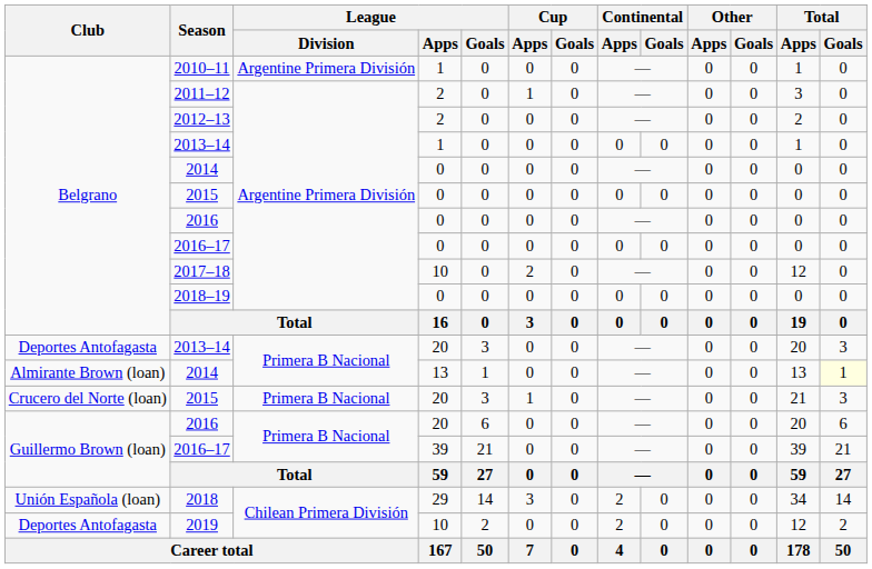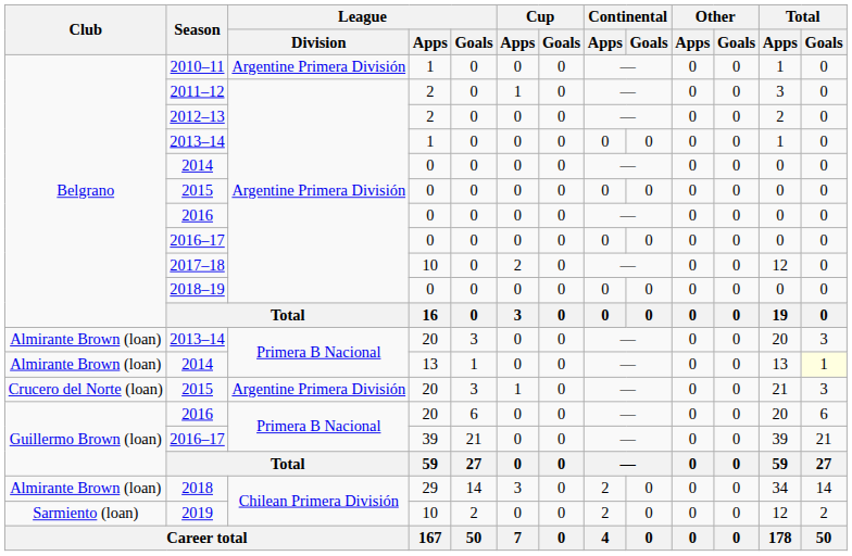 <table class="wikitable" style="text-align:center">
 <tr>
 <th rowspan="2">Club</th>
 <th rowspan="2">Season</th>
 <th colspan="3">League</th>
 <th colspan="2">Cup</th>
 <th colspan="2">Continental</th>
 <th colspan="2">Other</th>
 <th colspan="2">Total</th>
 </tr>
 <tr>
 <th>Division</th>
 <th>Apps</th>
 <th>Goals</th>
 <th>Apps</th>
 <th>Goals</th>
 <th>Apps</th>
 <th>Goals</th>
 <th>Apps</th>
 <th>Goals</th>
 <th>Apps</th>
 <th>Goals</th>
 </tr>
 <tr>
 <td rowspan="11"><a href='#'>Belgrano</a></td>
 <td><a href='#'>2010–11</a></td>
 <td rowspan="1"><a href='#'>Argentine Primera División</a></td>
 <td>1</td>
 <td>0</td>
 <td>0</td>
 <td>0</td>
 <td colspan="2">—</td>
 <td>0</td>
 <td>0</td>
 <td>1</td>
 <td>0</td>
 </tr>
 <tr>
 <td><a href='#'>2011–12</a></td>
 <td rowspan="9"><a href='#'>Argentine Primera División</a></td>
 <td>2</td>
 <td>0</td>
 <td>1</td>
 <td>0</td>
 <td colspan="2">—</td>
 <td>0</td>
 <td>0</td>
 <td>3</td>
 <td>0</td>
 </tr>
 <tr>
 <td><a href='#'>2012–13</a></td>
 <td>2</td>
 <td>0</td>
 <td>0</td>
 <td>0</td>
 <td colspan="2">—</td>
 <td>0</td>
 <td>0</td>
 <td>2</td>
 <td>0</td>
 </tr>
 <tr>
 <td><a href='#'>2013–14</a></td>
 <td>1</td>
 <td>0</td>
 <td>0</td>
 <td>0</td>
 <td>0</td>
 <td>0</td>
 <td>0</td>
 <td>0</td>
 <td>1</td>
 <td>0</td>
 </tr>
 <tr>
 <td><a href='#'>2014</a></td>
 <td>0</td>
 <td>0</td>
 <td>0</td>
 <td>0</td>
 <td colspan="2">—</td>
 <td>0</td>
 <td>0</td>
 <td>0</td>
 <td>0</td>
 </tr>
 <tr>
 <td><a href='#'>2015</a></td>
 <td>0</td>
 <td>0</td>
 <td>0</td>
 <td>0</td>
 <td>0</td>
 <td>0</td>
 <td>0</td>
 <td>0</td>
 <td>0</td>
 <td>0</td>
 </tr>
 <tr>
 <td><a href='#'>2016</a></td>
 <td>0</td>
 <td>0</td>
 <td>0</td>
 <td>0</td>
 <td colspan="2">—</td>
 <td>0</td>
 <td>0</td>
 <td>0</td>
 <td>0</td>
 </tr>
 <tr>
 <td><a href='#'>2016–17</a></td>
 <td>0</td>
 <td>0</td>
 <td>0</td>
 <td>0</td>
 <td>0</td>
 <td>0</td>
 <td>0</td>
 <td>0</td>
 <td>0</td>
 <td>0</td>
 </tr>
 <tr>
 <td><a href='#'>2017–18</a></td>
 <td>10</td>
 <td>0</td>
 <td>2</td>
 <td>0</td>
 <td colspan="2">—</td>
 <td>0</td>
 <td>0</td>
 <td>12</td>
 <td>0</td>
 </tr>
 <tr>
 <td><a href='#'>2018–19</a></td>
 <td>0</td>
 <td>0</td>
 <td>0</td>
 <td>0</td>
 <td>0</td>
 <td>0</td>
 <td>0</td>
 <td>0</td>
 <td>0</td>
 <td>0</td>
 </tr>
 <tr>
 <th colspan="2">Total</th>
 <th>16</th>
 <th>0</th>
 <th>3</th>
 <th>0</th>
 <th>0</th>
 <th>0</th>
 <th>0</th>
 <th>0</th>
 <th>19</th>
 <th>0</th>
 </tr>
 <tr>
-<td rowspan="1"><a href='#'>Deportes Antofagasta</a></td>
+<td rowspan="1"><a href='#'>Almirante Brown</a> (loan)</td>
 <td><a href='#'>2013–14</a></td>
 <td rowspan="2"><a href='#'>Primera B Nacional</a></td>
 <td>20</td>
 <td>3</td>
 <td>0</td>
 <td>0</td>
 <td colspan="2">—</td>
 <td>0</td>
 <td>0</td>
 <td>20</td>
 <td>3</td>
 </tr>
 <tr>
 <td rowspan="1"><a href='#'>Almirante Brown</a> (loan)</td>
 <td><a href='#'>2014</a></td>
 <td>13</td>
 <td>1</td>
 <td>0</td>
 <td>0</td>
 <td colspan="2">—</td>
 <td>0</td>
 <td>0</td>
 <td>13</td>
 <td style="background: lightyellow;">1</td>
 </tr>
 <tr>
 <td rowspan="1"><a href='#'>Crucero del Norte</a> (loan)</td>
 <td><a href='#'>2015</a></td>
-<td rowspan="1"><a href='#'>Primera B Nacional</a></td>
+<td rowspan="1"><a href='#'>Argentine Primera División</a></td>
 <td>20</td>
 <td>3</td>
 <td>1</td>
 <td>0</td>
 <td colspan="2">—</td>
 <td>0</td>
 <td>0</td>
 <td>21</td>
 <td>3</td>
 </tr>
 <tr>
 <td rowspan="3"><a href='#'>Guillermo Brown</a> (loan)</td>
 <td><a href='#'>2016</a></td>
 <td rowspan="2"><a href='#'>Primera B Nacional</a></td>
 <td>20</td>
 <td>6</td>
 <td>0</td>
 <td>0</td>
 <td colspan="2">—</td>
 <td>0</td>
 <td>0</td>
 <td>20</td>
 <td>6</td>
 </tr>
 <tr>
 <td><a href='#'>2016–17</a></td>
 <td>39</td>
 <td>21</td>
 <td>0</td>
 <td>0</td>
 <td colspan="2">—</td>
 <td>0</td>
 <td>0</td>
 <td>39</td>
 <td>21</td>
 </tr>
 <tr>
 <th colspan="2">Total</th>
 <th>59</th>
 <th>27</th>
 <th>0</th>
 <th>0</th>
 <th colspan="2">—</th>
 <th>0</th>
 <th>0</th>
 <th>59</th>
 <th>27</th>
 </tr>
 <tr>
-<td rowspan="1"><a href='#'>Unión Española</a> (loan)</td>
+<td rowspan="1"><a href='#'>Almirante Brown</a> (loan)</td>
 <td><a href='#'>2018</a></td>
 <td rowspan="2"><a href='#'>Chilean Primera División</a></td>
 <td>29</td>
 <td>14</td>
 <td>3</td>
 <td>0</td>
 <td>2</td>
 <td>0</td>
 <td>0</td>
 <td>0</td>
 <td>34</td>
 <td>14</td>
 </tr>
 <tr>
-<td rowspan="1"><a href='#'>Deportes Antofagasta</a></td>
+<td rowspan="1"><a href='#'>Sarmiento</a> (loan)</td>
 <td><a href='#'>2019</a></td>
 <td>10</td>
 <td>2</td>
 <td>0</td>
 <td>0</td>
 <td>2</td>
 <td>0</td>
 <td>0</td>
 <td>0</td>
 <td>12</td>
 <td>2</td>
 </tr>
 <tr>
 <th colspan="3">Career total</th>
 <th>167</th>
 <th>50</th>
 <th>7</th>
 <th>0</th>
 <th>4</th>
 <th>0</th>
 <th>0</th>
 <th>0</th>
 <th>178</th>
 <th>50</th>
 </tr>
 </table>
